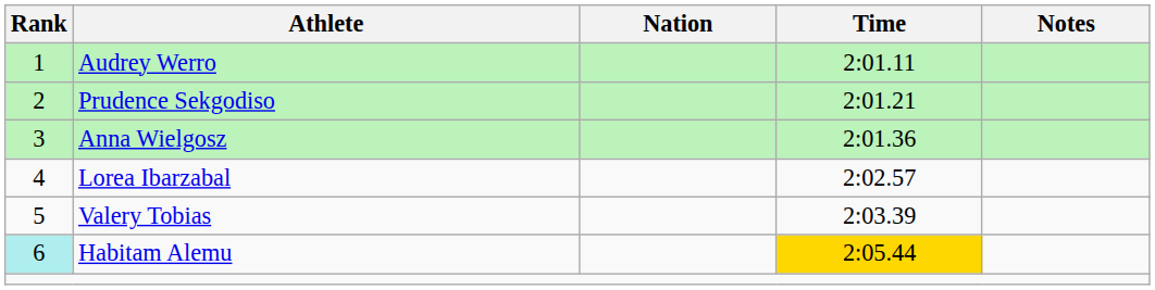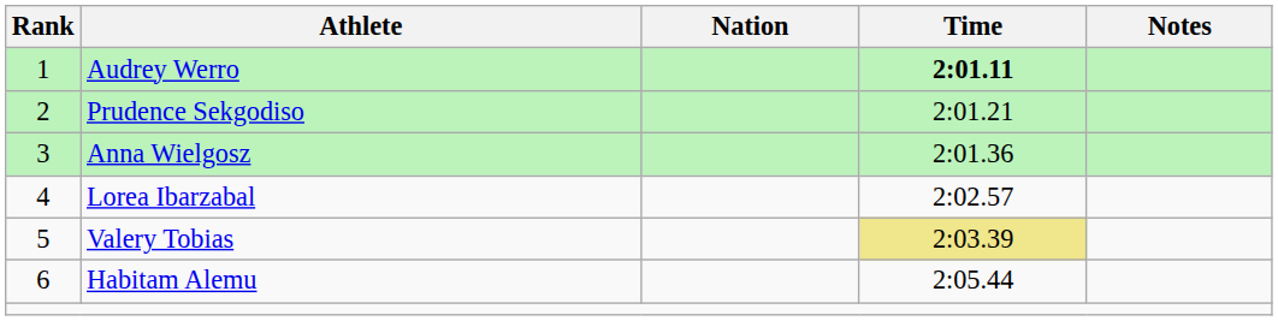 <table class="wikitable sortable" style="text-align:center;width: 60%;">
 <tr>
 <th scope="col" style="width: 10px;">Rank</th>
 <th scope="col">Athlete</th>
 <th scope="col">Nation</th>
 <th scope="col">Time</th>
 <th scope="col">Notes</th>
 </tr>
 <tr bgcolor=bbf3bb>
 <td>1</td>
 <td align=left><a href='#'>Audrey Werro</a></td>
 <td align=left></td>
-<td>2:01.11</td>
+<td><strong>2:01.11</strong></td>
 <td></td>
 </tr>
 <tr bgcolor=bbf3bb>
 <td>2</td>
 <td align=left><a href='#'>Prudence Sekgodiso</a></td>
 <td align=left></td>
 <td>2:01.21</td>
 <td></td>
 </tr>
 <tr bgcolor=bbf3bb>
 <td>3</td>
 <td align=left><a href='#'>Anna Wielgosz</a></td>
 <td align=left></td>
 <td>2:01.36</td>
 <td></td>
 </tr>
 <tr>
 <td>4</td>
 <td align=left><a href='#'>Lorea Ibarzabal</a></td>
 <td align=left></td>
 <td>2:02.57</td>
 <td></td>
 </tr>
 <tr>
 <td>5</td>
 <td align=left><a href='#'>Valery Tobias</a></td>
 <td align=left></td>
-<td>2:03.39</td>
+<td style="background: khaki;">2:03.39</td>
 <td></td>
 </tr>
 <tr>
-<td style="background: paleturquoise;">6</td>
+<td>6</td>
 <td align=left><a href='#'>Habitam Alemu</a></td>
 <td align=left></td>
-<td style="background: gold;">2:05.44</td>
+<td>2:05.44</td>
 <td></td>
 </tr>
 <tr class="sortbottom">
 <td colspan="5"></td>
 </tr>
 </table>
